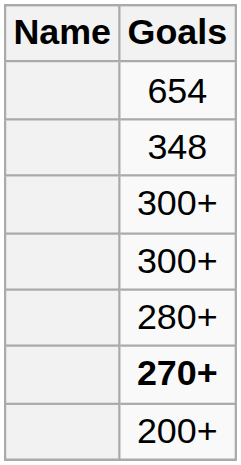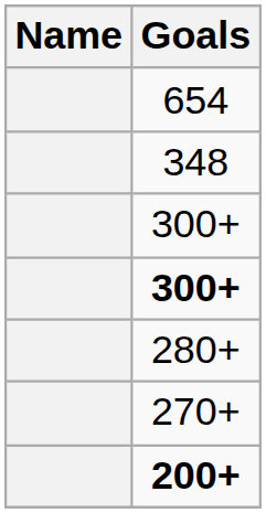 <table class="wikitable sortable plainrowheaders static-row-numbers" style="text-align:center">
 <tr>
 </tr>
 <tr>
 <th scope="col">Name</th>
 <th scope="col">Goals</th>
 </tr>
 <tr>
 <th scope="row"></th>
 <td>654</td>
 </tr>
 <tr>
 <th scope="row"></th>
 <td>348</td>
 </tr>
 <tr>
 <th scope="row"></th>
 <td>300+</td>
 </tr>
 <tr>
 <th scope="row"></th>
-<td>300+</td>
+<td><strong>300+</strong></td>
 </tr>
 <tr>
 <th scope="row"></th>
 <td>280+</td>
 </tr>
 <tr>
 <th scope="row"></th>
-<td><strong>270+</strong></td>
+<td>270+</td>
 </tr>
 <tr>
 <th scope="row"></th>
-<td>200+</td>
+<td><strong>200+</strong></td>
 </tr>
 <tr>
 </tr>
 </table>
